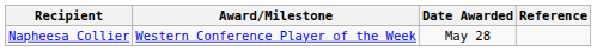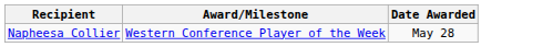 <table class="wikitable sortable sortable" style="text-align: center">
 <tr>
 <th>Recipient</th>
 <th>Award/Milestone</th>
 <th>Date Awarded</th>
-<th>Reference</th>
 </tr>
 <tr>
 <td><a href='#'>Napheesa Collier</a></td>
 <td><a href='#'>Western Conference Player of the Week</a></td>
 <td>May 28</td>
-<td></td>
 </tr>
 </table>
